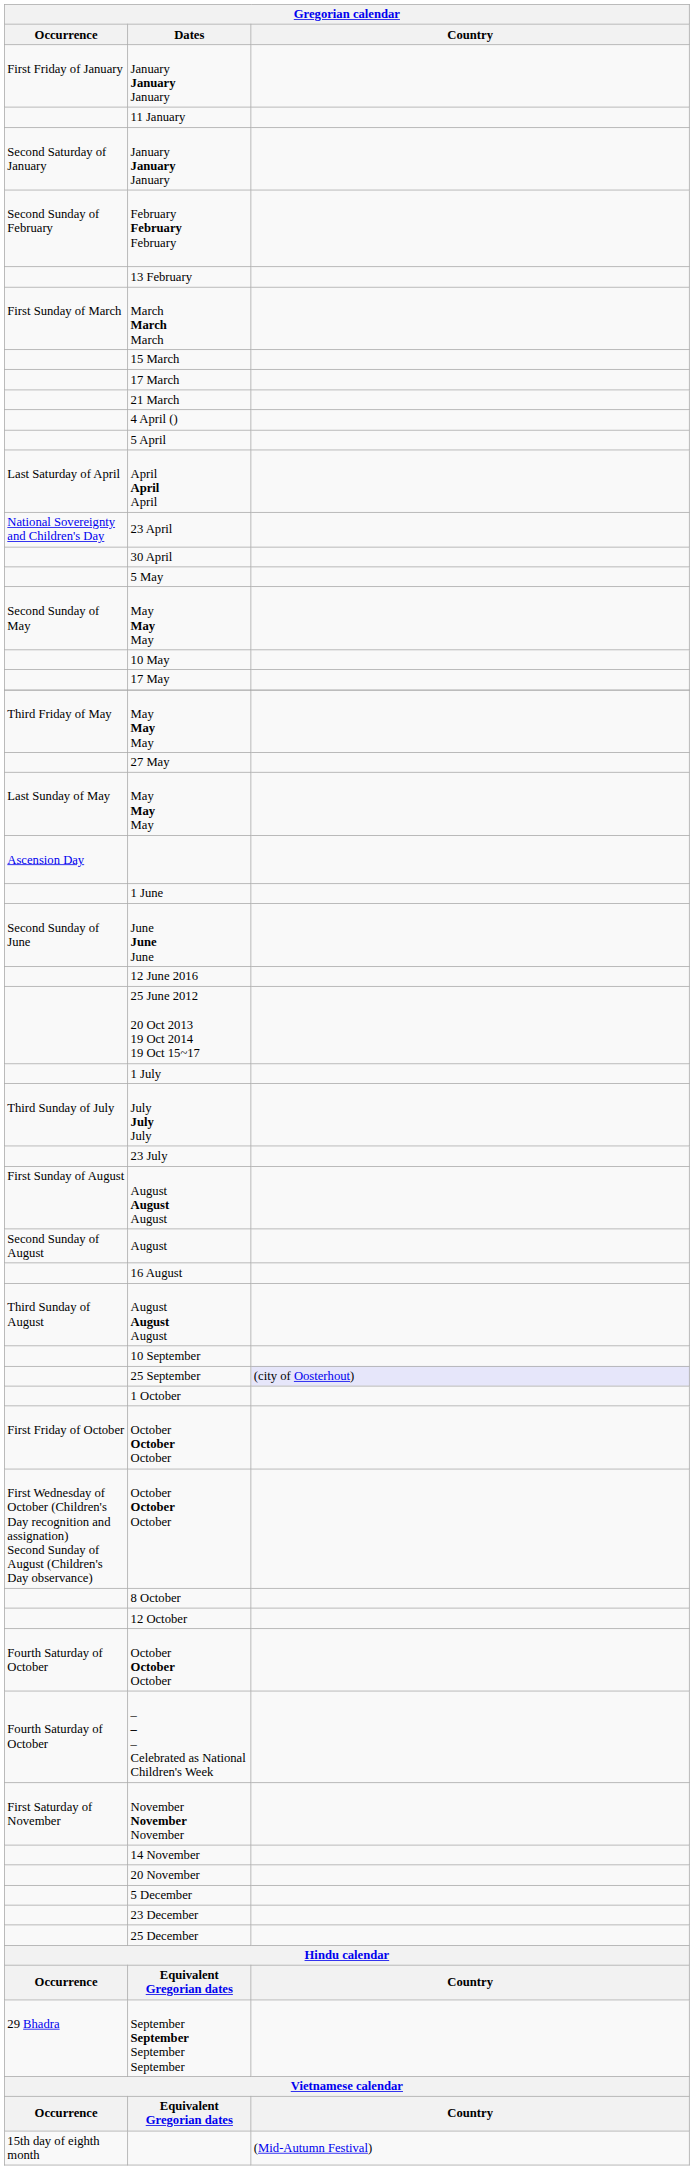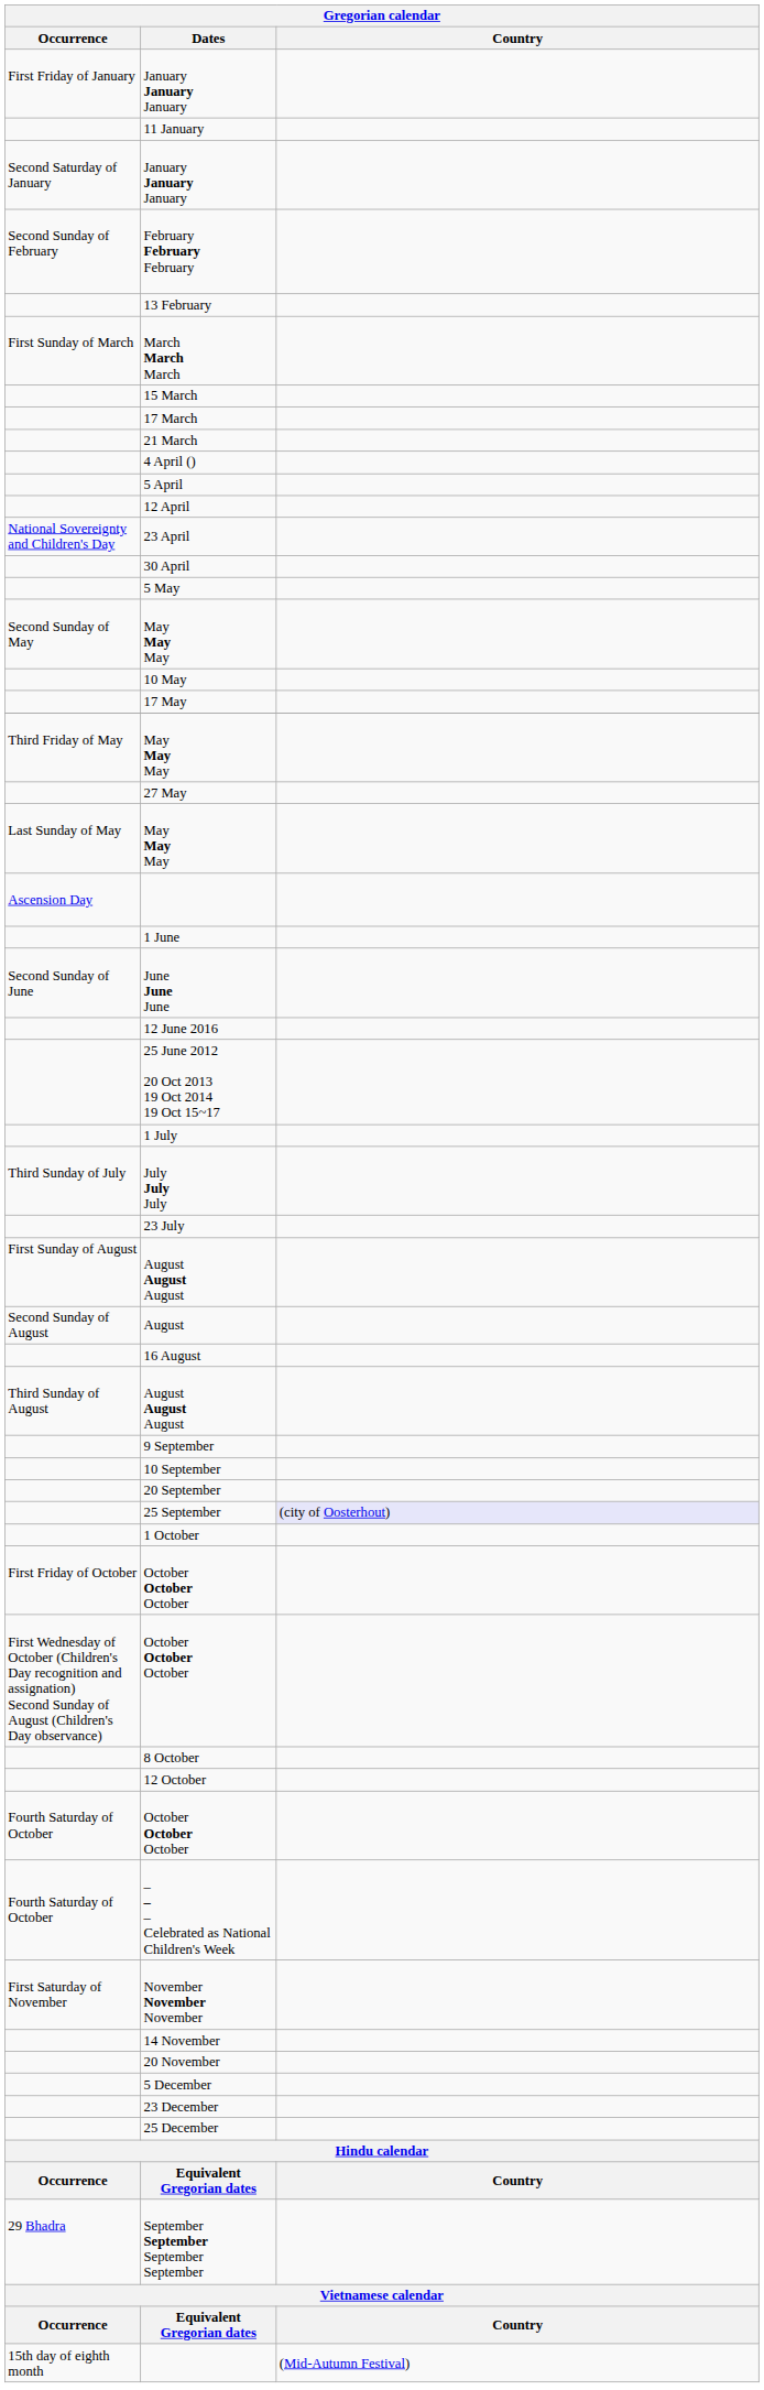 <table class="wikitable">
 <tr>
 <th colspan="3"><a href='#'>Gregorian calendar</a></th>
 </tr>
 <tr>
 <th style="width:18%;">Occurrence</th>
 <th style="width:18%;">Dates</th>
 <th style="width:64%;">Country</th>
 </tr>
 <tr>
 <td valign="top"><br>First Friday of January</td>
 <td><br> January <br> <strong> January </strong><br>  January </td>
 <td style="vertical-align:top;"><br></td>
 </tr>
 <tr>
 <td valign="top"></td>
 <td>11 January</td>
 <td style="vertical-align:top;"><br></td>
 </tr>
 <tr>
 <td valign="top"><br>Second Saturday of January</td>
 <td valign="top"><br> January <br> <strong> January </strong><br>  January </td>
 <td style="vertical-align:top;"><br></td>
 </tr>
 <tr>
 <td valign="top"><br>Second Sunday of February</td>
 <td valign="top"><br> February <br> <strong> February </strong><br>  February </td>
 <td style="vertical-align:top;"><br><br><br><br><br></td>
 </tr>
 <tr>
 <td valign="top"></td>
 <td>13 February</td>
 <td style="vertical-align:top;"><br></td>
 </tr>
 <tr>
 <td valign="top"><br>First Sunday of March</td>
 <td valign="top"><br> March <br> <strong> March </strong><br>  March </td>
 <td style="vertical-align:top;"><br></td>
 </tr>
 <tr>
 <td></td>
 <td>15 March</td>
 <td></td>
 </tr>
 <tr>
 <td valign="top"></td>
 <td>17 March</td>
 <td style="vertical-align:top;"><br></td>
 </tr>
 <tr>
 <td></td>
 <td>21 March</td>
 <td></td>
 </tr>
 <tr>
 <td valign="top"></td>
 <td>4 April ()</td>
 <td><br> </td>
 </tr>
 <tr>
 <td valign="top"></td>
 <td>5 April</td>
 <td style="vertical-align:top;"><br></td>
 </tr>
 <tr>
-<td valign="top"><br>Last Saturday of April</td>
-<td valign="top"><br> April <br> <strong> April </strong><br>  April </td>
-<td style="vertical-align:top;"><br></td>
+<td valign="top"></td>
+<td>12 April</td>
+<td><br> </td>
 </tr>
 <tr>
 <td valign="top"><a href='#'>National Sovereignty and Children's Day</a></td>
 <td>23 April</td>
 <td style="vertical-align:top;"><br></td>
 </tr>
 <tr>
 <td valign="top"></td>
 <td>30 April</td>
 <td style="vertical-align:top;"><br></td>
 </tr>
 <tr>
 <td valign="top"></td>
 <td>5 May</td>
 <td><br> </td>
 </tr>
 <tr>
 <td valign="top"><br>Second Sunday of May</td>
 <td valign="top"><br> May <br> <strong> May </strong><br>  May </td>
 <td><br> </td>
 </tr>
 <tr>
 <td valign="top"></td>
 <td>10 May</td>
 <td style="vertical-align:top;"><br></td>
 </tr>
 <tr>
 <td valign="top"></td>
 <td>17 May</td>
 <td style="vertical-align:top;"><br></td>
 </tr>
 <tr>
 </tr>
 <tr>
 <td valign="top"><br>Third Friday of May</td>
 <td valign="top"><br> May <br> <strong> May </strong><br>  May </td>
 <td><br> </td>
 </tr>
 <tr>
 <td valign="top"></td>
 <td>27 May</td>
 <td style="vertical-align:top;"><br></td>
 </tr>
 <tr>
 <td valign="top"><br>Last Sunday of May</td>
 <td valign="top"><br> May <br> <strong> May </strong><br>  May </td>
 <td style="vertical-align:top;"><br></td>
 </tr>
 <tr>
 <td valign="top"><br><a href='#'>Ascension Day</a></td>
 <td valign="top"><br><br> <strong></strong><br> </td>
 <td style="vertical-align:top;"><br><br><br></td>
 </tr>
 <tr>
 <td style="vertical-align:top;" id="1stJune"></td>
 <td>1 June</td>
 <td><br> </td>
 </tr>
 <tr>
 <td valign="top"><br>Second Sunday of June</td>
 <td valign="top"><br> June <br> <strong> June </strong><br>  June </td>
 <td style="vertical-align:top;"><br></td>
 </tr>
 <tr>
 <td></td>
 <td>12 June 2016</td>
 <td></td>
 </tr>
 <tr>
 <td></td>
 <td>25 June 2012<br><br>20 Oct 2013<br> 19 Oct 2014<br> 19 Oct 15~17</td>
 <td style="vertical-align:top;"><br></td>
 </tr>
 <tr>
 <td valign="top"></td>
 <td>1 July</td>
 <td style="vertical-align:top;"><br></td>
 </tr>
 <tr>
 <td valign="top"><br>Third Sunday of July</td>
 <td valign="top"><br> July <br> <strong> July </strong><br>  July </td>
 <td><br> </td>
 </tr>
 <tr>
 <td valign="top"></td>
 <td>23 July</td>
 <td style="vertical-align:top;"><br></td>
 </tr>
 <tr>
 <td valign="top">First Sunday of August</td>
 <td valign="top"><br> August <br> <strong> August </strong><br>  August </td>
 <td style="vertical-align:top;"><br></td>
 </tr>
 <tr>
 <td valign="top">Second Sunday of August</td>
 <td> August <br></td>
 <td style="vertical-align:top;"><br></td>
 </tr>
 <tr>
 <td valign="top"></td>
 <td>16 August</td>
 <td style="vertical-align:top;"><br></td>
 </tr>
 <tr>
 <td valign="top"><br>Third Sunday of August</td>
 <td valign="top"><br> August <br> <strong> August </strong><br>  August </td>
 <td><br> </td>
 </tr>
 <tr>
 <td valign="top"></td>
+<td>9 September</td>
+<td style="vertical-align:top;"><br></td>
+</tr>
+<tr>
+<td valign="top"></td>
 <td>10 September</td>
 <td style="vertical-align:top;"><br></td>
+</tr>
+<tr>
+<td valign="top"></td>
+<td>20 September</td>
+<td style="vertical-align:top;"><br>  </td>
 </tr>
 <tr>
 <td></td>
 <td>25 September</td>
 <td style="background: lavender;"> (city of <a href='#'>Oosterhout</a>)</td>
 </tr>
 <tr>
 <td valign="top"></td>
 <td>1 October</td>
 <td><br> </td>
 </tr>
 <tr>
 <td valign="top"><br>First Friday of October</td>
 <td><br> October <br> <strong> October </strong><br>  October </td>
 <td style="vertical-align:top;"><br></td>
 </tr>
 <tr>
 <td valign="top"><br>First Wednesday of October (Children's Day recognition and assignation)<br> Second Sunday of August (Children's Day observance)</td>
 <td valign="top"><br> October <br> <strong> October </strong><br>  October </td>
 <td style="vertical-align:top;"><br></td>
 </tr>
 <tr>
 <td></td>
 <td>8 October</td>
 <td></td>
 </tr>
 <tr>
 <td valign="top"></td>
 <td>12 October</td>
 <td style="vertical-align:top;"><br></td>
 </tr>
 <tr>
 <td valign="top"><br>Fourth Saturday of October</td>
 <td valign="top"><br> October <br> <strong> October </strong><br>  October </td>
 <td style="vertical-align:top;"><br></td>
 </tr>
 <tr>
 <td>Fourth Saturday of October</td>
 <td><br>– <br> <strong>– </strong><br> – <br> Celebrated as National Children's Week</td>
 <td></td>
 </tr>
 <tr>
 <td valign="top"><br>First Saturday of November</td>
 <td valign="top"><br> November <br> <strong> November </strong><br>  November </td>
 <td style="vertical-align:top;"><br></td>
 </tr>
 <tr>
 <td valign="top"></td>
 <td>14 November</td>
 <td style="vertical-align:top;"><br></td>
 </tr>
 <tr>
 <td valign="top"></td>
 <td>20 November</td>
 <td><br> </td>
 </tr>
 <tr>
 <td valign="top"></td>
 <td>5 December</td>
 <td style="vertical-align:top;"><br></td>
 </tr>
 <tr>
 <td valign="top"></td>
 <td>23 December</td>
 <td><br> </td>
 </tr>
 <tr>
 <td valign="top"></td>
 <td>25 December</td>
 <td><br> </td>
 </tr>
 <tr>
 <th colspan="3"><a href='#'>Hindu calendar</a></th>
 </tr>
 <tr>
 <th>Occurrence</th>
 <th>Equivalent <a href='#'>Gregorian dates</a></th>
 <th>Country</th>
 </tr>
 <tr>
 <td valign="top"><br>29 <a href='#'>Bhadra</a></td>
 <td><br> September <br> <strong> September </strong><br>  September <br>  September </td>
 <td style="vertical-align:top;"><br></td>
 </tr>
 <tr>
 <th colspan="3"><a href='#'>Vietnamese calendar</a></th>
 </tr>
 <tr>
 <th>Occurrence</th>
 <th>Equivalent <a href='#'>Gregorian dates</a></th>
 <th>Country</th>
 </tr>
 <tr>
 <td>15th day of eighth month</td>
 <td></td>
 <td> (<a href='#'>Mid-Autumn Festival</a>)</td>
 </tr>
 </table>
